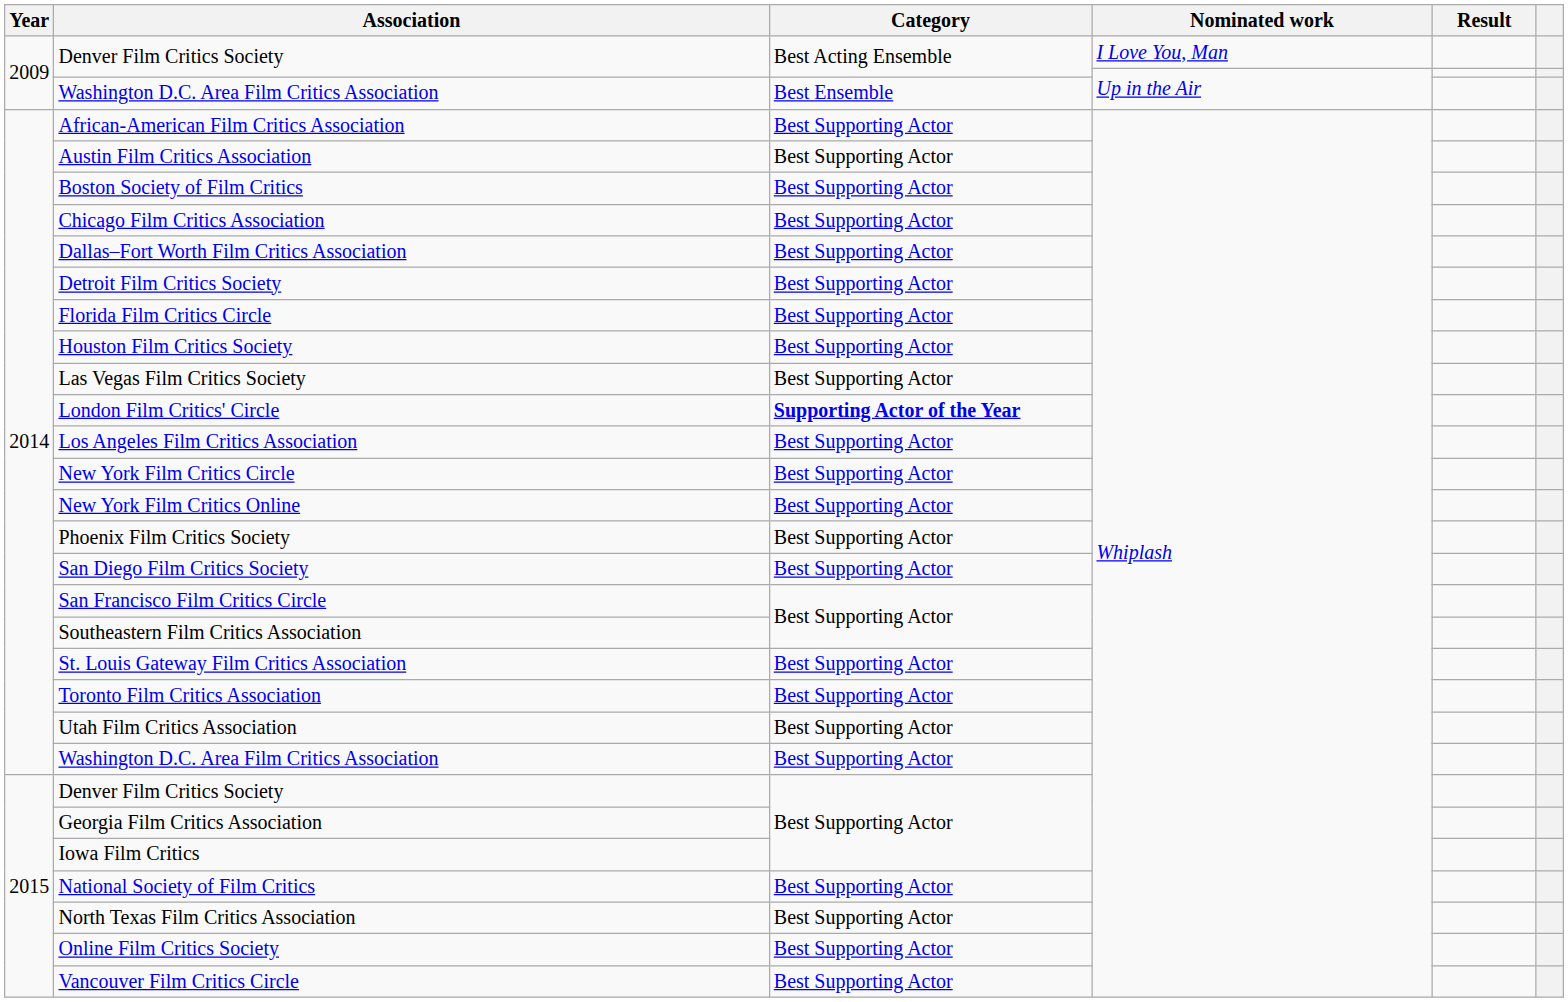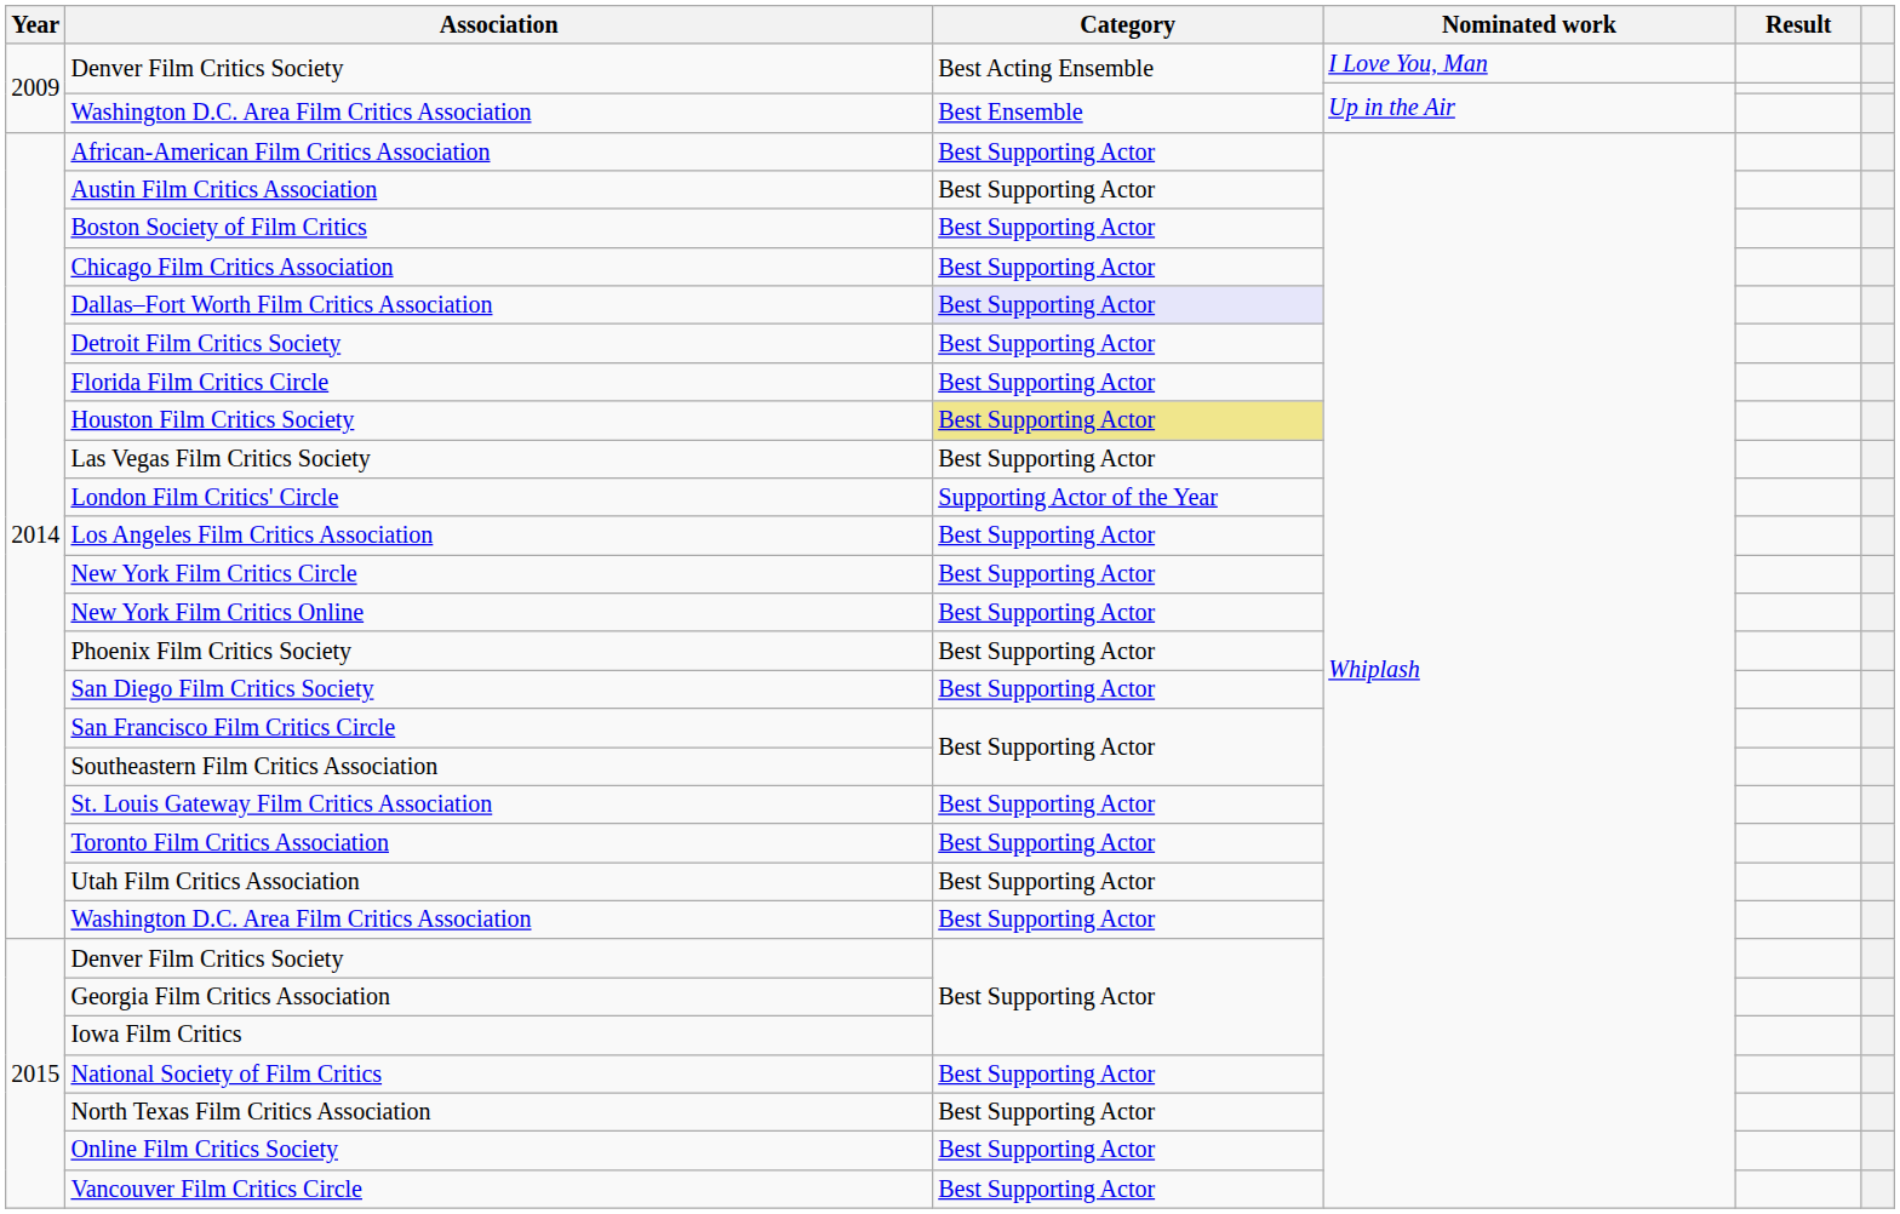 <table class=wikitable>
 <tr>
 <th scope="col" style="width:1em;">Year</th>
 <th scope="col" style="width:39em;">Association</th>
 <th scope="col" style="width:17em;">Category</th>
 <th scope="col" style="width:18em;">Nominated work</th>
 <th scope="col" style="width:5em;">Result</th>
 <th scope="col" style="width:1em;"></th>
 </tr>
 <tr>
 <td rowspan="3">2009</td>
 <td rowspan="2">Denver Film Critics Society</td>
 <td rowspan="2">Best Acting Ensemble</td>
 <td><em><a href='#'>I Love You, Man</a></em></td>
 <td></td>
 <th align=center></th>
 </tr>
 <tr>
 <td rowspan="2"><em><a href='#'>Up in the Air</a></em></td>
 <td></td>
 <th align=center></th>
 </tr>
 <tr>
 <td><a href='#'>Washington D.C. Area Film Critics Association</a></td>
 <td><a href='#'>Best Ensemble</a></td>
 <td></td>
 <th align=center></th>
 </tr>
 <tr>
 <td rowspan="21">2014</td>
 <td><a href='#'>African-American Film Critics Association</a></td>
 <td><a href='#'>Best Supporting Actor</a></td>
 <td rowspan="28"><em><a href='#'>Whiplash</a></em></td>
 <td></td>
 <th align=center></th>
 </tr>
 <tr>
 <td><a href='#'>Austin Film Critics Association</a></td>
 <td>Best Supporting Actor</td>
 <td></td>
 <th align=center></th>
 </tr>
 <tr>
 <td><a href='#'>Boston Society of Film Critics</a></td>
 <td><a href='#'>Best Supporting Actor</a></td>
 <td></td>
 <th align=center></th>
 </tr>
 <tr>
 <td><a href='#'>Chicago Film Critics Association</a></td>
 <td><a href='#'>Best Supporting Actor</a></td>
 <td></td>
 <th align=center></th>
 </tr>
 <tr>
 <td><a href='#'>Dallas–Fort Worth Film Critics Association</a></td>
-<td><a href='#'>Best Supporting Actor</a></td>
+<td style="background: lavender;"><a href='#'>Best Supporting Actor</a></td>
 <td></td>
 <th align=center></th>
 </tr>
 <tr>
 <td><a href='#'>Detroit Film Critics Society</a></td>
 <td><a href='#'>Best Supporting Actor</a></td>
 <td></td>
 <th align=center></th>
 </tr>
 <tr>
 <td><a href='#'>Florida Film Critics Circle</a></td>
 <td><a href='#'>Best Supporting Actor</a></td>
 <td></td>
 <th align=center></th>
 </tr>
 <tr>
 <td><a href='#'>Houston Film Critics Society</a></td>
-<td><a href='#'>Best Supporting Actor</a></td>
+<td style="background: khaki;"><a href='#'>Best Supporting Actor</a></td>
 <td></td>
 <th align=center></th>
 </tr>
 <tr>
 <td>Las Vegas Film Critics Society</td>
 <td>Best Supporting Actor</td>
 <td></td>
 <th align=center></th>
 </tr>
 <tr>
 <td><a href='#'>London Film Critics' Circle</a></td>
-<td><strong><a href='#'>Supporting Actor of the Year</a></strong></td>
+<td><a href='#'>Supporting Actor of the Year</a></td>
 <td></td>
 <th align=center></th>
 </tr>
 <tr>
 <td><a href='#'>Los Angeles Film Critics Association</a></td>
 <td><a href='#'>Best Supporting Actor</a></td>
 <td></td>
 <th align=center></th>
 </tr>
 <tr>
 <td><a href='#'>New York Film Critics Circle</a></td>
 <td><a href='#'>Best Supporting Actor</a></td>
 <td></td>
 <th align=center></th>
 </tr>
 <tr>
 <td><a href='#'>New York Film Critics Online</a></td>
 <td><a href='#'>Best Supporting Actor</a></td>
 <td></td>
 <th align=center></th>
 </tr>
 <tr>
 <td>Phoenix Film Critics Society</td>
 <td>Best Supporting Actor</td>
 <td></td>
 <th align=center></th>
 </tr>
 <tr>
 <td><a href='#'>San Diego Film Critics Society</a></td>
 <td><a href='#'>Best Supporting Actor</a></td>
 <td></td>
 <th align=center></th>
 </tr>
 <tr>
 <td><a href='#'>San Francisco Film Critics Circle</a></td>
 <td rowspan="2">Best Supporting Actor</td>
 <td></td>
 <th align=center></th>
 </tr>
 <tr>
 <td>Southeastern Film Critics Association</td>
 <td></td>
 <th align=center></th>
 </tr>
 <tr>
 <td><a href='#'>St. Louis Gateway Film Critics Association</a></td>
 <td><a href='#'>Best Supporting Actor</a></td>
 <td></td>
 <th align=center></th>
 </tr>
 <tr>
 <td><a href='#'>Toronto Film Critics Association</a></td>
 <td><a href='#'>Best Supporting Actor</a></td>
 <td></td>
 <th align=center></th>
 </tr>
 <tr>
 <td>Utah Film Critics Association</td>
 <td>Best Supporting Actor</td>
 <td></td>
 <th align=center></th>
 </tr>
 <tr>
 <td><a href='#'>Washington D.C. Area Film Critics Association</a></td>
 <td><a href='#'>Best Supporting Actor</a></td>
 <td></td>
 <th align=center></th>
 </tr>
 <tr>
 <td rowspan="7">2015</td>
 <td>Denver Film Critics Society</td>
 <td rowspan="3">Best Supporting Actor</td>
 <td></td>
 <th align=center></th>
 </tr>
 <tr>
 <td>Georgia Film Critics Association</td>
 <td></td>
 <th align=center></th>
 </tr>
 <tr>
 <td>Iowa Film Critics</td>
 <td></td>
 <th align=center></th>
 </tr>
 <tr>
 <td><a href='#'>National Society of Film Critics</a></td>
 <td><a href='#'>Best Supporting Actor</a></td>
 <td></td>
 <th align=center></th>
 </tr>
 <tr>
 <td>North Texas Film Critics Association</td>
 <td>Best Supporting Actor</td>
 <td></td>
 <th align=center></th>
 </tr>
 <tr>
 <td><a href='#'>Online Film Critics Society</a></td>
 <td><a href='#'>Best Supporting Actor</a></td>
 <td></td>
 <th align=center></th>
 </tr>
 <tr>
 <td><a href='#'>Vancouver Film Critics Circle</a></td>
 <td><a href='#'>Best Supporting Actor</a></td>
 <td></td>
 <th align=center></th>
 </tr>
 </table>
